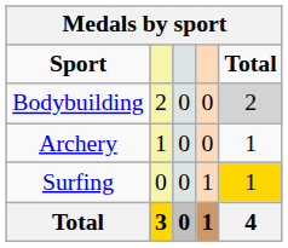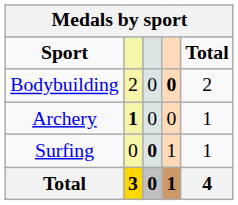 <table class="wikitable" style="font-size:85%; float:right;">
 <tr style="background:#efefef;">
 <th colspan=7><strong>Medals by sport</strong></th>
 </tr>
 <tr align=center>
 <td><strong>Sport</strong></td>
 <td style="background:#f7f6a8;"></td>
 <td style="background:#dce5e5;"></td>
 <td style="background:#ffdab9;"></td>
 <td><strong>Total</strong></td>
 </tr>
 <tr align=center>
 <td><a href='#'>Bodybuilding</a></td>
 <td style="background:#f7f6a8;">2</td>
 <td style="background:#dce5e5;">0</td>
-<td style="background:#ffdab9;">0</td>
-<td style="background: lightgrey;">2</td>
+<td style="background:#ffdab9;"><strong>0</strong></td>
+<td>2</td>
 </tr>
 <tr align=center>
 <td><a href='#'>Archery</a></td>
-<td style="background:#f7f6a8;">1</td>
+<td style="background:#f7f6a8;"><strong>1</strong></td>
 <td style="background:#dce5e5;">0</td>
 <td style="background:#ffdab9;">0</td>
 <td>1</td>
 </tr>
 <tr align=center>
 <td><a href='#'>Surfing</a></td>
 <td style="background:#f7f6a8;">0</td>
-<td style="background:#dce5e5;">0</td>
+<td style="background:#dce5e5;"><strong>0</strong></td>
 <td style="background:#ffdab9;">1</td>
-<td style="background: gold;">1</td>
+<td>1</td>
 </tr>
 <tr align=center>
 <th><strong>Total</strong></th>
 <th style="background:gold;"><strong>3</strong></th>
 <th style="background:silver;"><strong>0</strong></th>
 <th style="background:#c96;"><strong>1</strong></th>
 <th><strong>4</strong></th>
 </tr>
 </table>
